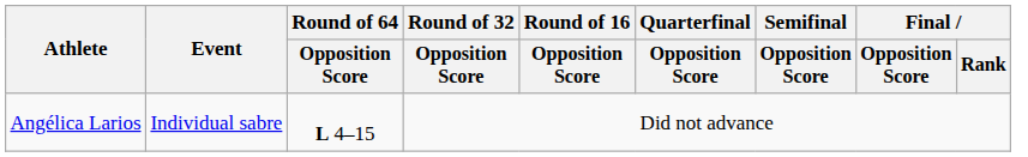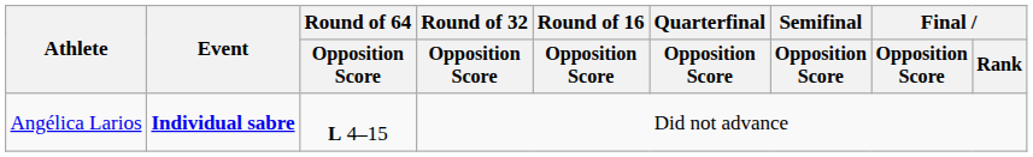 <table class="wikitable" style="font-size:90%">
 <tr>
 <th rowspan="2">Athlete</th>
 <th rowspan="2">Event</th>
 <th>Round of 64</th>
 <th>Round of 32</th>
 <th>Round of 16</th>
 <th>Quarterfinal</th>
 <th>Semifinal</th>
 <th colspan=2>Final / </th>
 </tr>
 <tr style="font-size:95%">
 <th>Opposition <br> Score</th>
 <th>Opposition <br> Score</th>
 <th>Opposition <br> Score</th>
 <th>Opposition <br> Score</th>
 <th>Opposition <br> Score</th>
 <th>Opposition <br> Score</th>
 <th>Rank</th>
 </tr>
 <tr align=center>
 <td align=left><a href='#'>Angélica Larios</a></td>
-<td align=left><a href='#'>Individual sabre</a></td>
+<td align=left><strong><a href='#'>Individual sabre</a></strong></td>
 <td><br><strong>L</strong> 4–15</td>
 <td colspan=6>Did not advance</td>
 </tr>
 </table>
